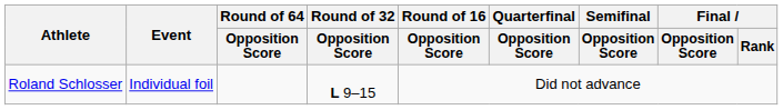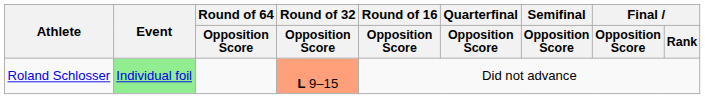 <table class="wikitable" style="font-size:90%">
 <tr>
 <th rowspan="2">Athlete</th>
 <th rowspan="2">Event</th>
 <th>Round of 64</th>
 <th>Round of 32</th>
 <th>Round of 16</th>
 <th>Quarterfinal</th>
 <th>Semifinal</th>
 <th colspan=2>Final / </th>
 </tr>
 <tr style="font-size:95%">
 <th>Opposition <br> Score</th>
 <th>Opposition <br> Score</th>
 <th>Opposition <br> Score</th>
 <th>Opposition <br> Score</th>
 <th>Opposition <br> Score</th>
 <th>Opposition <br> Score</th>
 <th>Rank</th>
 </tr>
 <tr align=center>
 <td align=left><a href='#'>Roland Schlosser</a></td>
-<td align=left><a href='#'>Individual foil</a></td>
+<td align=left style="background: lightgreen;"><a href='#'>Individual foil</a></td>
 <td></td>
-<td><br><strong>L</strong> 9–15</td>
+<td style="background: lightsalmon;"><br><strong>L</strong> 9–15</td>
 <td colspan=5>Did not advance</td>
 </tr>
 </table>
